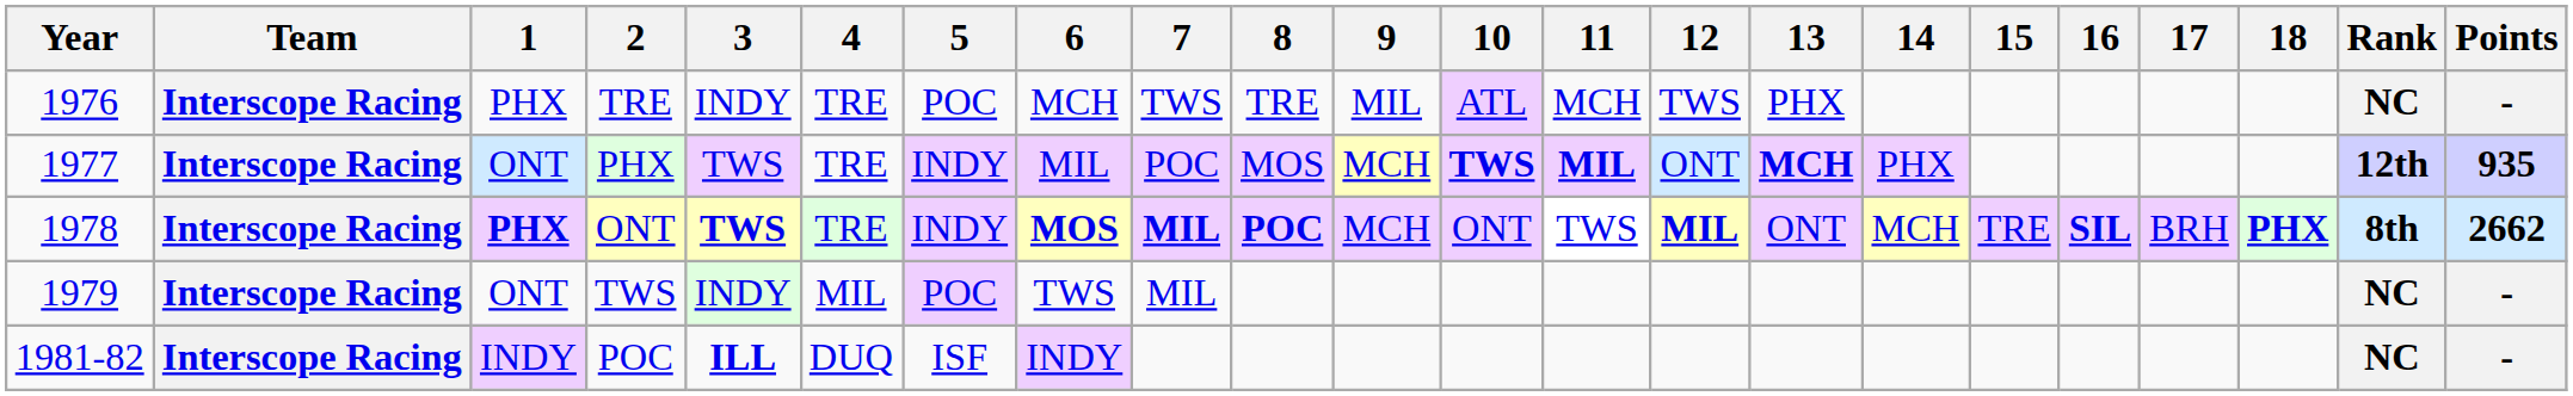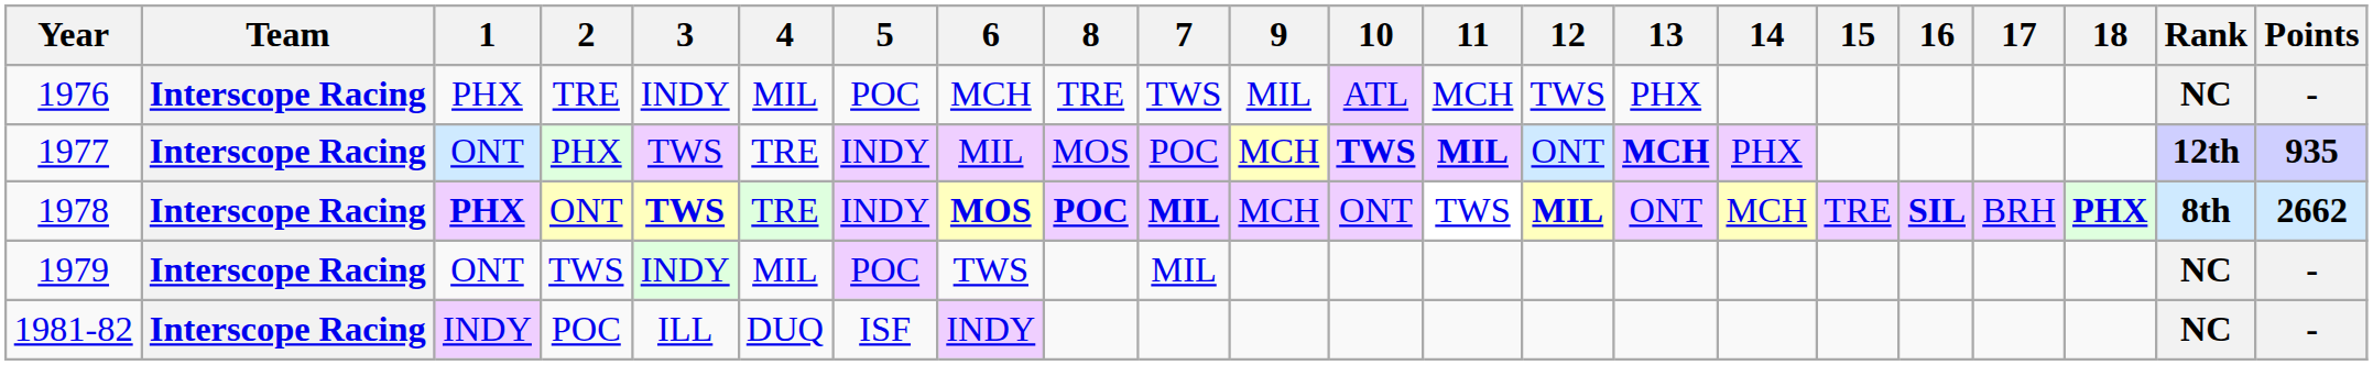 <table class="wikitable" style="text-align:center; font-size:90%">
 <tr>
 <th>Year</th>
 <th>Team</th>
 <th>1</th>
 <th>2</th>
 <th>3</th>
 <th>4</th>
 <th>5</th>
 <th>6</th>
+<th>8</th>
 <th>7</th>
-<th>8</th>
 <th>9</th>
 <th>10</th>
 <th>11</th>
 <th>12</th>
 <th>13</th>
 <th>14</th>
 <th>15</th>
 <th>16</th>
 <th>17</th>
 <th>18</th>
 <th>Rank</th>
 <th>Points</th>
 </tr>
 <tr>
 <td><a href='#'>1976</a></td>
 <th><a href='#'>Interscope Racing</a></th>
 <td><a href='#'>PHX</a></td>
 <td><a href='#'>TRE</a></td>
 <td><a href='#'>INDY</a></td>
-<td><a href='#'>TRE</a></td>
+<td><a href='#'>MIL</a></td>
 <td><a href='#'>POC</a></td>
 <td><a href='#'>MCH</a></td>
+<td><a href='#'>TRE</a></td>
 <td><a href='#'>TWS</a></td>
-<td><a href='#'>TRE</a></td>
 <td><a href='#'>MIL</a></td>
 <td style="background:#EFCFFF;"><a href='#'>ATL</a><br></td>
 <td><a href='#'>MCH</a></td>
 <td><a href='#'>TWS</a></td>
 <td><a href='#'>PHX</a></td>
 <td></td>
 <td></td>
 <td></td>
 <td></td>
 <td></td>
 <th>NC</th>
 <th>-</th>
 </tr>
 <tr>
 <td><a href='#'>1977</a></td>
 <th><a href='#'>Interscope Racing</a></th>
 <td style="background:#CFEAFF;"><a href='#'>ONT</a><br></td>
 <td style="background:#DFFFDF;"><a href='#'>PHX</a><br></td>
 <td style="background:#EFCFFF;"><a href='#'>TWS</a><br></td>
 <td><a href='#'>TRE</a></td>
 <td style="background:#EFCFFF;"><a href='#'>INDY</a><br></td>
 <td style="background:#EFCFFF;"><a href='#'>MIL</a><br></td>
+<td style="background:#EFCFFF;"><a href='#'>MOS</a><br></td>
 <td style="background:#EFCFFF;"><a href='#'>POC</a><br></td>
-<td style="background:#EFCFFF;"><a href='#'>MOS</a><br></td>
 <td style="background:#FFFFBF;"><a href='#'>MCH</a><br></td>
 <td style="background:#EFCFFF;"><strong><a href='#'>TWS</a></strong><br></td>
 <td style="background:#EFCFFF;"><strong><a href='#'>MIL</a></strong><br></td>
 <td style="background:#CFEAFF;"><a href='#'>ONT</a><br></td>
 <td style="background:#EFCFFF;"><strong><a href='#'>MCH</a></strong><br></td>
 <td style="background:#EFCFFF;"><a href='#'>PHX</a><br></td>
 <td></td>
 <td></td>
 <td></td>
 <td></td>
 <td style="background:#CFCFFF;"><strong>12th</strong></td>
 <td style="background:#CFCFFF;"><strong>935</strong></td>
 </tr>
 <tr>
 <td><a href='#'>1978</a></td>
 <th><a href='#'>Interscope Racing</a></th>
 <td style="background:#EFCFFF;"><strong><a href='#'>PHX</a></strong><br></td>
 <td style="background:#FFFFBF;"><a href='#'>ONT</a><br></td>
 <td style="background:#FFFFBF;"><strong><a href='#'>TWS</a></strong><br></td>
 <td style="background:#DFFFDF;"><a href='#'>TRE</a><br></td>
 <td style="background:#EFCFFF;"><a href='#'>INDY</a><br></td>
 <td style="background:#FFFFBF;"><strong><a href='#'>MOS</a></strong><br></td>
+<td style="background:#EFCFFF;"><strong><a href='#'>POC</a></strong><br></td>
 <td style="background:#EFCFFF;"><strong><a href='#'>MIL</a></strong><br></td>
-<td style="background:#EFCFFF;"><strong><a href='#'>POC</a></strong><br></td>
 <td style="background:#EFCFFF;"><a href='#'>MCH</a><br></td>
 <td style="background:#EFCFFF;"><a href='#'>ONT</a><br></td>
 <td style="background:#FFFFFF;"><a href='#'>TWS</a><br></td>
 <td style="background:#FFFFBF;"><strong><a href='#'>MIL</a></strong><br></td>
 <td style="background:#EFCFFF;"><a href='#'>ONT</a><br></td>
 <td style="background:#FFFFBF;"><a href='#'>MCH</a><br></td>
 <td style="background:#EFCFFF;"><a href='#'>TRE</a><br></td>
 <td style="background:#EFCFFF;"><strong><a href='#'>SIL</a></strong><br></td>
 <td style="background:#EFCFFF;"><a href='#'>BRH</a><br></td>
 <td style="background:#DFFFDF;"><strong><a href='#'>PHX</a></strong><br></td>
 <td style="background:#CFEAFF;"><strong>8th</strong></td>
 <td style="background:#CFEAFF;"><strong>2662</strong></td>
 </tr>
 <tr>
 <td><a href='#'>1979</a></td>
 <th><a href='#'>Interscope Racing</a></th>
 <td><a href='#'>ONT</a></td>
 <td><a href='#'>TWS</a></td>
 <td style="background:#DFFFDF;"><a href='#'>INDY</a><br></td>
 <td><a href='#'>MIL</a></td>
 <td style="background:#EFCFFF;"><a href='#'>POC</a><br></td>
 <td><a href='#'>TWS</a></td>
+<td></td>
 <td><a href='#'>MIL</a></td>
-<td></td>
 <td></td>
 <td></td>
 <td></td>
 <td></td>
 <td></td>
 <td></td>
 <td></td>
 <td></td>
 <td></td>
 <td></td>
 <th>NC</th>
 <th>-</th>
 </tr>
 <tr>
 <td><a href='#'>1981-82</a></td>
 <th><a href='#'>Interscope Racing</a></th>
 <td style="background:#EFCFFF;"><a href='#'>INDY</a><br></td>
 <td><a href='#'>POC</a></td>
-<td><strong><a href='#'>ILL</a></strong></td>
+<td><a href='#'>ILL</a></td>
 <td><a href='#'>DUQ</a></td>
 <td><a href='#'>ISF</a></td>
 <td style="background:#EFCFFF;"><a href='#'>INDY</a><br></td>
 <td></td>
 <td></td>
 <td></td>
 <td></td>
 <td></td>
 <td></td>
 <td></td>
 <td></td>
 <td></td>
 <td></td>
 <td></td>
 <td></td>
 <th>NC</th>
 <th>-</th>
 </tr>
 </table>
